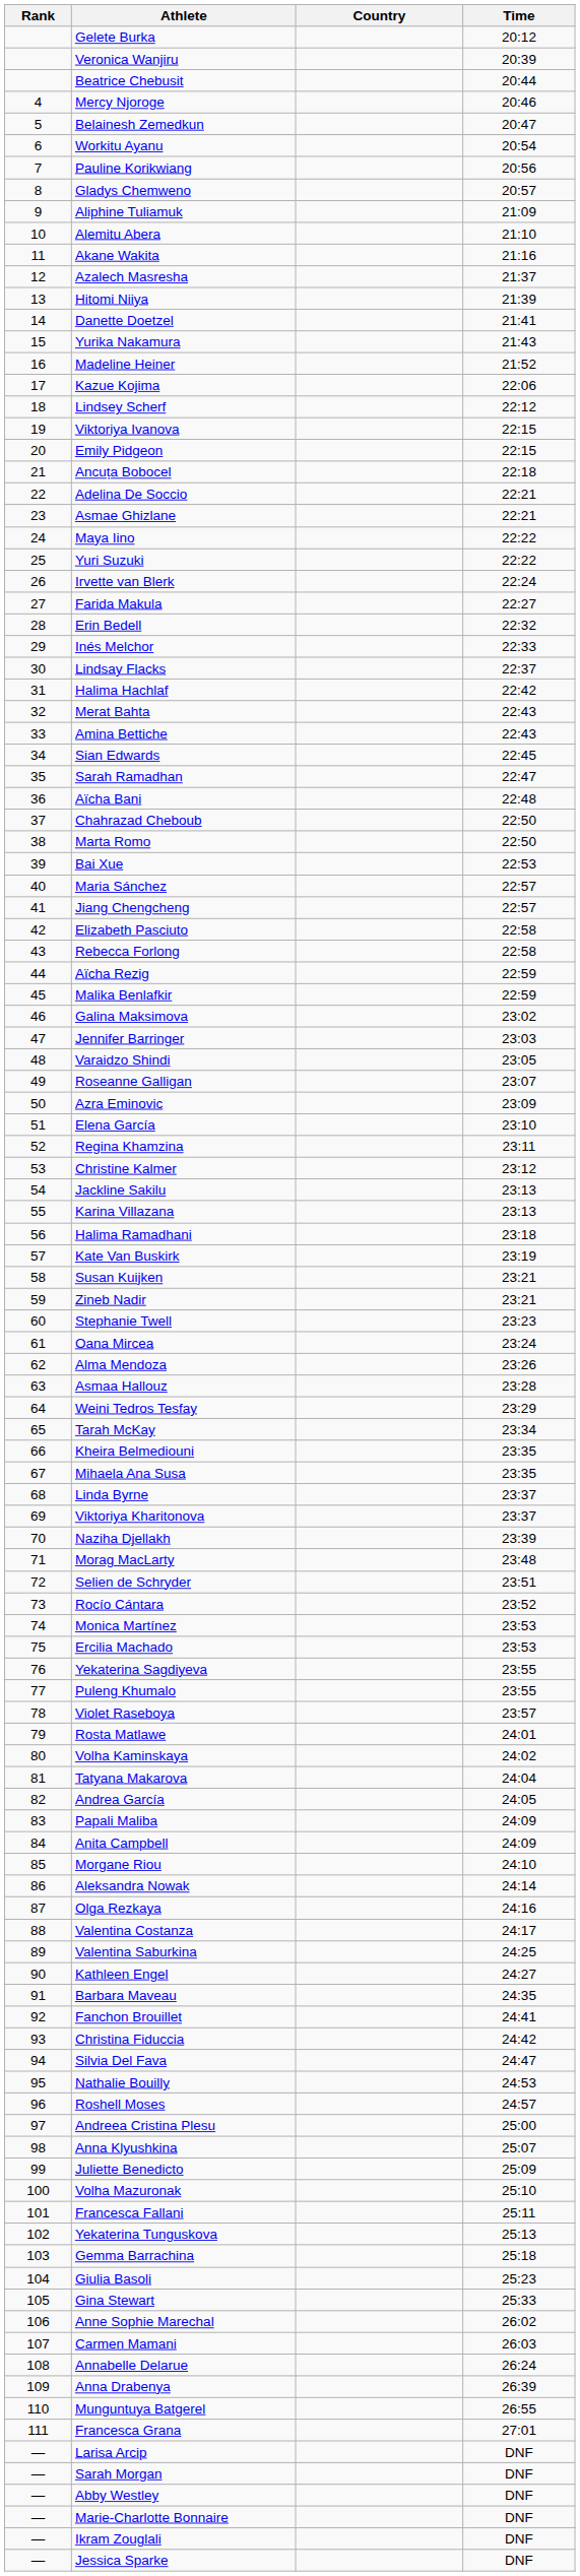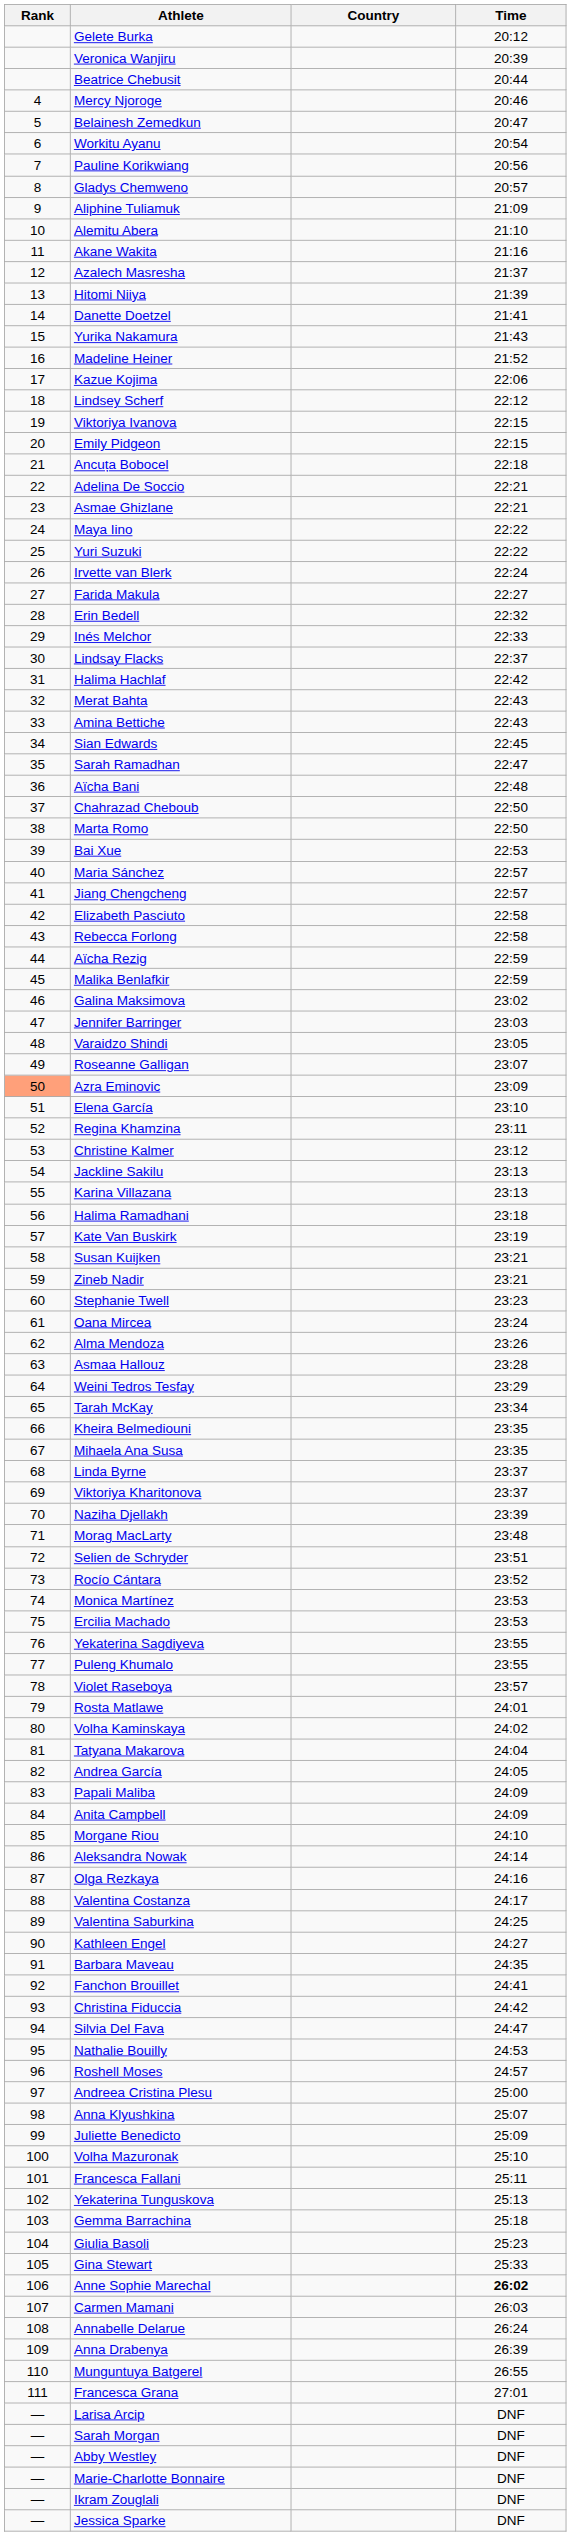 <table class="wikitable sortable" style=" text-align:center; font-size:95%;" width="50%">
 <tr>
 <th width=5%>Rank</th>
 <th width=20%>Athlete</th>
 <th width=15%>Country</th>
 <th width=10%>Time</th>
 </tr>
 <tr>
 <td align=center></td>
 <td align=left><a href='#'>Gelete Burka</a></td>
 <td align=left></td>
 <td>20:12</td>
 </tr>
 <tr>
 <td align=center></td>
 <td align=left><a href='#'>Veronica Wanjiru</a></td>
 <td align=left></td>
 <td>20:39</td>
 </tr>
 <tr>
 <td align=center></td>
 <td align=left><a href='#'>Beatrice Chebusit</a></td>
 <td align=left></td>
 <td>20:44</td>
 </tr>
 <tr>
 <td align=center>4</td>
 <td align=left><a href='#'>Mercy Njoroge</a></td>
 <td align=left></td>
 <td>20:46</td>
 </tr>
 <tr>
 <td align=center>5</td>
 <td align=left><a href='#'>Belainesh Zemedkun</a></td>
 <td align=left></td>
 <td>20:47</td>
 </tr>
 <tr>
 <td align=center>6</td>
 <td align=left><a href='#'>Workitu Ayanu</a></td>
 <td align=left></td>
 <td>20:54</td>
 </tr>
 <tr>
 <td align=center>7</td>
 <td align=left><a href='#'>Pauline Korikwiang</a></td>
 <td align=left></td>
 <td>20:56</td>
 </tr>
 <tr>
 <td align=center>8</td>
 <td align=left><a href='#'>Gladys Chemweno</a></td>
 <td align=left></td>
 <td>20:57</td>
 </tr>
 <tr>
 <td align=center>9</td>
 <td align=left><a href='#'>Aliphine Tuliamuk</a></td>
 <td align=left></td>
 <td>21:09</td>
 </tr>
 <tr>
 <td align=center>10</td>
 <td align=left><a href='#'>Alemitu Abera</a></td>
 <td align=left></td>
 <td>21:10</td>
 </tr>
 <tr>
 <td align=center>11</td>
 <td align=left><a href='#'>Akane Wakita</a></td>
 <td align=left></td>
 <td>21:16</td>
 </tr>
 <tr>
 <td align=center>12</td>
 <td align=left><a href='#'>Azalech Masresha</a></td>
 <td align=left></td>
 <td>21:37</td>
 </tr>
 <tr>
 <td align=center>13</td>
 <td align=left><a href='#'>Hitomi Niiya</a></td>
 <td align=left></td>
 <td>21:39</td>
 </tr>
 <tr>
 <td align=center>14</td>
 <td align=left><a href='#'>Danette Doetzel</a></td>
 <td align=left></td>
 <td>21:41</td>
 </tr>
 <tr>
 <td align=center>15</td>
 <td align=left><a href='#'>Yurika Nakamura</a></td>
 <td align=left></td>
 <td>21:43</td>
 </tr>
 <tr>
 <td align=center>16</td>
 <td align=left><a href='#'>Madeline Heiner</a></td>
 <td align=left></td>
 <td>21:52</td>
 </tr>
 <tr>
 <td align=center>17</td>
 <td align=left><a href='#'>Kazue Kojima</a></td>
 <td align=left></td>
 <td>22:06</td>
 </tr>
 <tr>
 <td align=center>18</td>
 <td align=left><a href='#'>Lindsey Scherf</a></td>
 <td align=left></td>
 <td>22:12</td>
 </tr>
 <tr>
 <td align=center>19</td>
 <td align=left><a href='#'>Viktoriya Ivanova</a></td>
 <td align=left></td>
 <td>22:15</td>
 </tr>
 <tr>
 <td align=center>20</td>
 <td align=left><a href='#'>Emily Pidgeon</a></td>
 <td align=left></td>
 <td>22:15</td>
 </tr>
 <tr>
 <td align=center>21</td>
 <td align=left><a href='#'>Ancuța Bobocel</a></td>
 <td align=left></td>
 <td>22:18</td>
 </tr>
 <tr>
 <td align=center>22</td>
 <td align=left><a href='#'>Adelina De Soccio</a></td>
 <td align=left></td>
 <td>22:21</td>
 </tr>
 <tr>
 <td align=center>23</td>
 <td align=left><a href='#'>Asmae Ghizlane</a></td>
 <td align=left></td>
 <td>22:21</td>
 </tr>
 <tr>
 <td align=center>24</td>
 <td align=left><a href='#'>Maya Iino</a></td>
 <td align=left></td>
 <td>22:22</td>
 </tr>
 <tr>
 <td align=center>25</td>
 <td align=left><a href='#'>Yuri Suzuki</a></td>
 <td align=left></td>
 <td>22:22</td>
 </tr>
 <tr>
 <td align=center>26</td>
 <td align=left><a href='#'>Irvette van Blerk</a></td>
 <td align=left></td>
 <td>22:24</td>
 </tr>
 <tr>
 <td align=center>27</td>
 <td align=left><a href='#'>Farida Makula</a></td>
 <td align=left></td>
 <td>22:27</td>
 </tr>
 <tr>
 <td align=center>28</td>
 <td align=left><a href='#'>Erin Bedell</a></td>
 <td align=left></td>
 <td>22:32</td>
 </tr>
 <tr>
 <td align=center>29</td>
 <td align=left><a href='#'>Inés Melchor</a></td>
 <td align=left></td>
 <td>22:33</td>
 </tr>
 <tr>
 <td align=center>30</td>
 <td align=left><a href='#'>Lindsay Flacks</a></td>
 <td align=left></td>
 <td>22:37</td>
 </tr>
 <tr>
 <td align=center>31</td>
 <td align=left><a href='#'>Halima Hachlaf</a></td>
 <td align=left></td>
 <td>22:42</td>
 </tr>
 <tr>
 <td align=center>32</td>
 <td align=left><a href='#'>Merat Bahta</a></td>
 <td align=left></td>
 <td>22:43</td>
 </tr>
 <tr>
 <td align=center>33</td>
 <td align=left><a href='#'>Amina Bettiche</a></td>
 <td align=left></td>
 <td>22:43</td>
 </tr>
 <tr>
 <td align=center>34</td>
 <td align=left><a href='#'>Sian Edwards</a></td>
 <td align=left></td>
 <td>22:45</td>
 </tr>
 <tr>
 <td align=center>35</td>
 <td align=left><a href='#'>Sarah Ramadhan</a></td>
 <td align=left></td>
 <td>22:47</td>
 </tr>
 <tr>
 <td align=center>36</td>
 <td align=left><a href='#'>Aïcha Bani</a></td>
 <td align=left></td>
 <td>22:48</td>
 </tr>
 <tr>
 <td align=center>37</td>
 <td align=left><a href='#'>Chahrazad Cheboub</a></td>
 <td align=left></td>
 <td>22:50</td>
 </tr>
 <tr>
 <td align=center>38</td>
 <td align=left><a href='#'>Marta Romo</a></td>
 <td align=left></td>
 <td>22:50</td>
 </tr>
 <tr>
 <td align=center>39</td>
 <td align=left><a href='#'>Bai Xue</a></td>
 <td align=left></td>
 <td>22:53</td>
 </tr>
 <tr>
 <td align=center>40</td>
 <td align=left><a href='#'>Maria Sánchez</a></td>
 <td align=left></td>
 <td>22:57</td>
 </tr>
 <tr>
 <td align=center>41</td>
 <td align=left><a href='#'>Jiang Chengcheng</a></td>
 <td align=left></td>
 <td>22:57</td>
 </tr>
 <tr>
 <td align=center>42</td>
 <td align=left><a href='#'>Elizabeth Pasciuto</a></td>
 <td align=left></td>
 <td>22:58</td>
 </tr>
 <tr>
 <td align=center>43</td>
 <td align=left><a href='#'>Rebecca Forlong</a></td>
 <td align=left></td>
 <td>22:58</td>
 </tr>
 <tr>
 <td align=center>44</td>
 <td align=left><a href='#'>Aïcha Rezig</a></td>
 <td align=left></td>
 <td>22:59</td>
 </tr>
 <tr>
 <td align=center>45</td>
 <td align=left><a href='#'>Malika Benlafkir</a></td>
 <td align=left></td>
 <td>22:59</td>
 </tr>
 <tr>
 <td align=center>46</td>
 <td align=left><a href='#'>Galina Maksimova</a></td>
 <td align=left></td>
 <td>23:02</td>
 </tr>
 <tr>
 <td align=center>47</td>
 <td align=left><a href='#'>Jennifer Barringer</a></td>
 <td align=left></td>
 <td>23:03</td>
 </tr>
 <tr>
 <td align=center>48</td>
 <td align=left><a href='#'>Varaidzo Shindi</a></td>
 <td align=left></td>
 <td>23:05</td>
 </tr>
 <tr>
 <td align=center>49</td>
 <td align=left><a href='#'>Roseanne Galligan</a></td>
 <td align=left></td>
 <td>23:07</td>
 </tr>
 <tr>
-<td align=center>50</td>
+<td align=center style="background: lightsalmon;">50</td>
 <td align=left><a href='#'>Azra Eminovic</a></td>
 <td align=left></td>
 <td>23:09</td>
 </tr>
 <tr>
 <td align=center>51</td>
 <td align=left><a href='#'>Elena García</a></td>
 <td align=left></td>
 <td>23:10</td>
 </tr>
 <tr>
 <td align=center>52</td>
 <td align=left><a href='#'>Regina Khamzina</a></td>
 <td align=left></td>
 <td>23:11</td>
 </tr>
 <tr>
 <td align=center>53</td>
 <td align=left><a href='#'>Christine Kalmer</a></td>
 <td align=left></td>
 <td>23:12</td>
 </tr>
 <tr>
 <td align=center>54</td>
 <td align=left><a href='#'>Jackline Sakilu</a></td>
 <td align=left></td>
 <td>23:13</td>
 </tr>
 <tr>
 <td align=center>55</td>
 <td align=left><a href='#'>Karina Villazana</a></td>
 <td align=left></td>
 <td>23:13</td>
 </tr>
 <tr>
 <td align=center>56</td>
 <td align=left><a href='#'>Halima Ramadhani</a></td>
 <td align=left></td>
 <td>23:18</td>
 </tr>
 <tr>
 <td align=center>57</td>
 <td align=left><a href='#'>Kate Van Buskirk</a></td>
 <td align=left></td>
 <td>23:19</td>
 </tr>
 <tr>
 <td align=center>58</td>
 <td align=left><a href='#'>Susan Kuijken</a></td>
 <td align=left></td>
 <td>23:21</td>
 </tr>
 <tr>
 <td align=center>59</td>
 <td align=left><a href='#'>Zineb Nadir</a></td>
 <td align=left></td>
 <td>23:21</td>
 </tr>
 <tr>
 <td align=center>60</td>
 <td align=left><a href='#'>Stephanie Twell</a></td>
 <td align=left></td>
 <td>23:23</td>
 </tr>
 <tr>
 <td align=center>61</td>
 <td align=left><a href='#'>Oana Mircea</a></td>
 <td align=left></td>
 <td>23:24</td>
 </tr>
 <tr>
 <td align=center>62</td>
 <td align=left><a href='#'>Alma Mendoza</a></td>
 <td align=left></td>
 <td>23:26</td>
 </tr>
 <tr>
 <td align=center>63</td>
 <td align=left><a href='#'>Asmaa Hallouz</a></td>
 <td align=left></td>
 <td>23:28</td>
 </tr>
 <tr>
 <td align=center>64</td>
 <td align=left><a href='#'>Weini Tedros Tesfay</a></td>
 <td align=left></td>
 <td>23:29</td>
 </tr>
 <tr>
 <td align=center>65</td>
 <td align=left><a href='#'>Tarah McKay</a></td>
 <td align=left></td>
 <td>23:34</td>
 </tr>
 <tr>
 <td align=center>66</td>
 <td align=left><a href='#'>Kheira Belmediouni</a></td>
 <td align=left></td>
 <td>23:35</td>
 </tr>
 <tr>
 <td align=center>67</td>
 <td align=left><a href='#'>Mihaela Ana Susa</a></td>
 <td align=left></td>
 <td>23:35</td>
 </tr>
 <tr>
 <td align=center>68</td>
 <td align=left><a href='#'>Linda Byrne</a></td>
 <td align=left></td>
 <td>23:37</td>
 </tr>
 <tr>
 <td align=center>69</td>
 <td align=left><a href='#'>Viktoriya Kharitonova</a></td>
 <td align=left></td>
 <td>23:37</td>
 </tr>
 <tr>
 <td align=center>70</td>
 <td align=left><a href='#'>Naziha Djellakh</a></td>
 <td align=left></td>
 <td>23:39</td>
 </tr>
 <tr>
 <td align=center>71</td>
 <td align=left><a href='#'>Morag MacLarty</a></td>
 <td align=left></td>
 <td>23:48</td>
 </tr>
 <tr>
 <td align=center>72</td>
 <td align=left><a href='#'>Selien de Schryder</a></td>
 <td align=left></td>
 <td>23:51</td>
 </tr>
 <tr>
 <td align=center>73</td>
 <td align=left><a href='#'>Rocío Cántara</a></td>
 <td align=left></td>
 <td>23:52</td>
 </tr>
 <tr>
 <td align=center>74</td>
 <td align=left><a href='#'>Monica Martínez</a></td>
 <td align=left></td>
 <td>23:53</td>
 </tr>
 <tr>
 <td align=center>75</td>
 <td align=left><a href='#'>Ercilia Machado</a></td>
 <td align=left></td>
 <td>23:53</td>
 </tr>
 <tr>
 <td align=center>76</td>
 <td align=left><a href='#'>Yekaterina Sagdiyeva</a></td>
 <td align=left></td>
 <td>23:55</td>
 </tr>
 <tr>
 <td align=center>77</td>
 <td align=left><a href='#'>Puleng Khumalo</a></td>
 <td align=left></td>
 <td>23:55</td>
 </tr>
 <tr>
 <td align=center>78</td>
 <td align=left><a href='#'>Violet Raseboya</a></td>
 <td align=left></td>
 <td>23:57</td>
 </tr>
 <tr>
 <td align=center>79</td>
 <td align=left><a href='#'>Rosta Matlawe</a></td>
 <td align=left></td>
 <td>24:01</td>
 </tr>
 <tr>
 <td align=center>80</td>
 <td align=left><a href='#'>Volha Kaminskaya</a></td>
 <td align=left></td>
 <td>24:02</td>
 </tr>
 <tr>
 <td align=center>81</td>
 <td align=left><a href='#'>Tatyana Makarova</a></td>
 <td align=left></td>
 <td>24:04</td>
 </tr>
 <tr>
 <td align=center>82</td>
 <td align=left><a href='#'>Andrea García</a></td>
 <td align=left></td>
 <td>24:05</td>
 </tr>
 <tr>
 <td align=center>83</td>
 <td align=left><a href='#'>Papali Maliba</a></td>
 <td align=left></td>
 <td>24:09</td>
 </tr>
 <tr>
 <td align=center>84</td>
 <td align=left><a href='#'>Anita Campbell</a></td>
 <td align=left></td>
 <td>24:09</td>
 </tr>
 <tr>
 <td align=center>85</td>
 <td align=left><a href='#'>Morgane Riou</a></td>
 <td align=left></td>
 <td>24:10</td>
 </tr>
 <tr>
 <td align=center>86</td>
 <td align=left><a href='#'>Aleksandra Nowak</a></td>
 <td align=left></td>
 <td>24:14</td>
 </tr>
 <tr>
 <td align=center>87</td>
 <td align=left><a href='#'>Olga Rezkaya</a></td>
 <td align=left></td>
 <td>24:16</td>
 </tr>
 <tr>
 <td align=center>88</td>
 <td align=left><a href='#'>Valentina Costanza</a></td>
 <td align=left></td>
 <td>24:17</td>
 </tr>
 <tr>
 <td align=center>89</td>
 <td align=left><a href='#'>Valentina Saburkina</a></td>
 <td align=left></td>
 <td>24:25</td>
 </tr>
 <tr>
 <td align=center>90</td>
 <td align=left><a href='#'>Kathleen Engel</a></td>
 <td align=left></td>
 <td>24:27</td>
 </tr>
 <tr>
 <td align=center>91</td>
 <td align=left><a href='#'>Barbara Maveau</a></td>
 <td align=left></td>
 <td>24:35</td>
 </tr>
 <tr>
 <td align=center>92</td>
 <td align=left><a href='#'>Fanchon Brouillet</a></td>
 <td align=left></td>
 <td>24:41</td>
 </tr>
 <tr>
 <td align=center>93</td>
 <td align=left><a href='#'>Christina Fiduccia</a></td>
 <td align=left></td>
 <td>24:42</td>
 </tr>
 <tr>
 <td align=center>94</td>
 <td align=left><a href='#'>Silvia Del Fava</a></td>
 <td align=left></td>
 <td>24:47</td>
 </tr>
 <tr>
 <td align=center>95</td>
 <td align=left><a href='#'>Nathalie Bouilly</a></td>
 <td align=left></td>
 <td>24:53</td>
 </tr>
 <tr>
 <td align=center>96</td>
 <td align=left><a href='#'>Roshell Moses</a></td>
 <td align=left></td>
 <td>24:57</td>
 </tr>
 <tr>
 <td align=center>97</td>
 <td align=left><a href='#'>Andreea Cristina Plesu</a></td>
 <td align=left></td>
 <td>25:00</td>
 </tr>
 <tr>
 <td align=center>98</td>
 <td align=left><a href='#'>Anna Klyushkina</a></td>
 <td align=left></td>
 <td>25:07</td>
 </tr>
 <tr>
 <td align=center>99</td>
 <td align=left><a href='#'>Juliette Benedicto</a></td>
 <td align=left></td>
 <td>25:09</td>
 </tr>
 <tr>
 <td align=center>100</td>
 <td align=left><a href='#'>Volha Mazuronak</a></td>
 <td align=left></td>
 <td>25:10</td>
 </tr>
 <tr>
 <td align=center>101</td>
 <td align=left><a href='#'>Francesca Fallani</a></td>
 <td align=left></td>
 <td>25:11</td>
 </tr>
 <tr>
 <td align=center>102</td>
 <td align=left><a href='#'>Yekaterina Tunguskova</a></td>
 <td align=left></td>
 <td>25:13</td>
 </tr>
 <tr>
 <td align=center>103</td>
 <td align=left><a href='#'>Gemma Barrachina</a></td>
 <td align=left></td>
 <td>25:18</td>
 </tr>
 <tr>
 <td align=center>104</td>
 <td align=left><a href='#'>Giulia Basoli</a></td>
 <td align=left></td>
 <td>25:23</td>
 </tr>
 <tr>
 <td align=center>105</td>
 <td align=left><a href='#'>Gina Stewart</a></td>
 <td align=left></td>
 <td>25:33</td>
 </tr>
 <tr>
 <td align=center>106</td>
 <td align=left><a href='#'>Anne Sophie Marechal</a></td>
 <td align=left></td>
-<td>26:02</td>
+<td><strong>26:02</strong></td>
 </tr>
 <tr>
 <td align=center>107</td>
 <td align=left><a href='#'>Carmen Mamani</a></td>
 <td align=left></td>
 <td>26:03</td>
 </tr>
 <tr>
 <td align=center>108</td>
 <td align=left><a href='#'>Annabelle Delarue</a></td>
 <td align=left></td>
 <td>26:24</td>
 </tr>
 <tr>
 <td align=center>109</td>
 <td align=left><a href='#'>Anna Drabenya</a></td>
 <td align=left></td>
 <td>26:39</td>
 </tr>
 <tr>
 <td align=center>110</td>
 <td align=left><a href='#'>Munguntuya Batgerel</a></td>
 <td align=left></td>
 <td>26:55</td>
 </tr>
 <tr>
 <td align=center>111</td>
 <td align=left><a href='#'>Francesca Grana</a></td>
 <td align=left></td>
 <td>27:01</td>
 </tr>
 <tr>
 <td align=center>—</td>
 <td align=left><a href='#'>Larisa Arcip</a></td>
 <td align=left></td>
 <td>DNF</td>
 </tr>
 <tr>
 <td align=center>—</td>
 <td align=left><a href='#'>Sarah Morgan</a></td>
 <td align=left></td>
 <td>DNF</td>
 </tr>
 <tr>
 <td align=center>—</td>
 <td align=left><a href='#'>Abby Westley</a></td>
 <td align=left></td>
 <td>DNF</td>
 </tr>
 <tr>
 <td align=center>—</td>
 <td align=left><a href='#'>Marie-Charlotte Bonnaire</a></td>
 <td align=left></td>
 <td>DNF</td>
 </tr>
 <tr>
 <td align=center>—</td>
 <td align=left><a href='#'>Ikram Zouglali</a></td>
 <td align=left></td>
 <td>DNF</td>
 </tr>
 <tr>
 <td align=center>—</td>
 <td align=left><a href='#'>Jessica Sparke</a></td>
 <td align=left></td>
 <td>DNF</td>
 </tr>
 </table>
